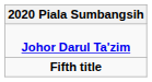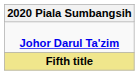 <table class="wikitable" style="text-align: center; margin: 0 auto;">
 <tr>
 <th>2020 Piala Sumbangsih</th>
 </tr>
 <tr>
 <td><br><a href='#'><strong>Johor Darul Ta'zim</strong></a></td>
 </tr>
 <tr>
-<td><strong>Fifth title</strong></td>
+<td style="background: khaki;"><strong>Fifth title</strong></td>
 </tr>
 </table>
